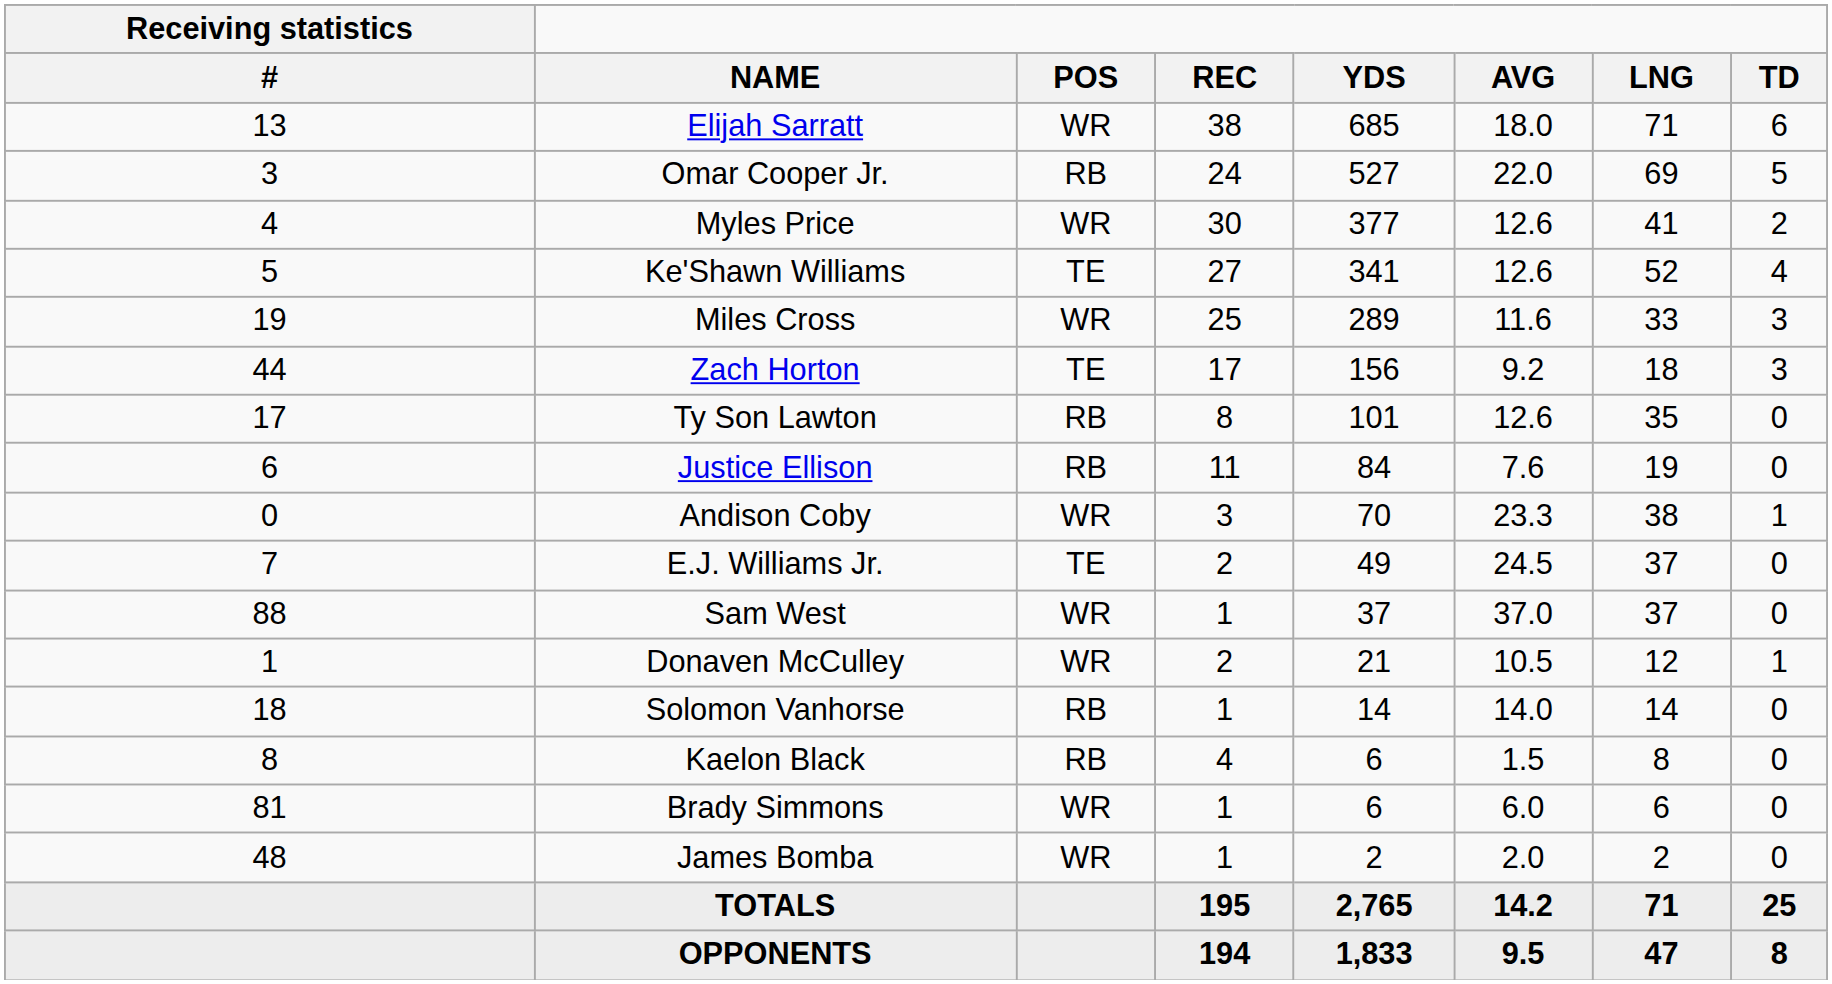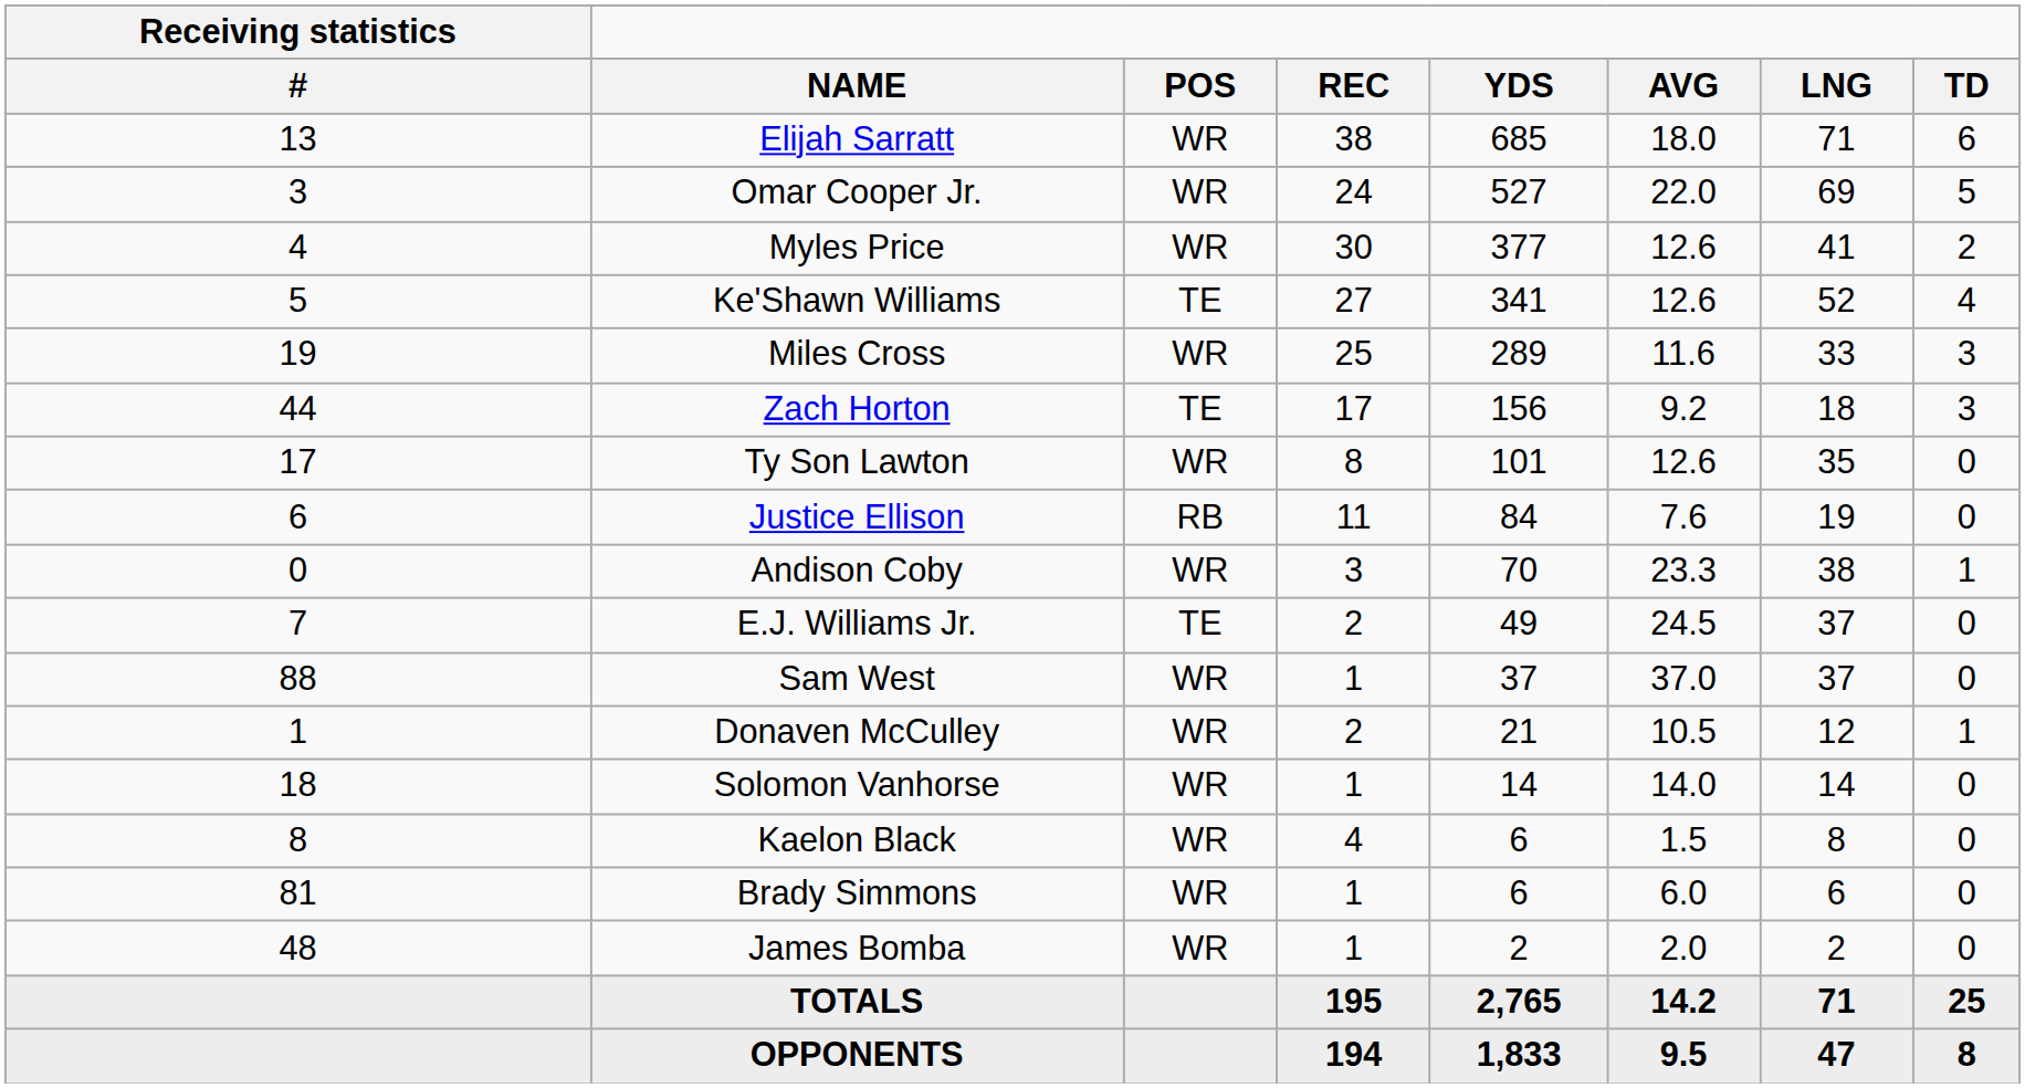 <table style="width:60%; text-align:center;" class="wikitable collapsible collapsed">
 <tr>
 <th style="text-align:center; ">Receiving statistics</th>
 </tr>
 <tr>
 <th>#</th>
 <th>NAME</th>
 <th>POS</th>
 <th>REC</th>
 <th>YDS</th>
 <th>AVG</th>
 <th>LNG</th>
 <th>TD</th>
 </tr>
 <tr>
 <td>13</td>
 <td><a href='#'>Elijah Sarratt</a></td>
 <td>WR</td>
 <td>38</td>
 <td>685</td>
 <td>18.0</td>
 <td>71</td>
 <td>6</td>
 </tr>
 <tr>
 <td>3</td>
 <td>Omar Cooper Jr.</td>
-<td>RB</td>
+<td>WR</td>
 <td>24</td>
 <td>527</td>
 <td>22.0</td>
 <td>69</td>
 <td>5</td>
 </tr>
 <tr>
 <td>4</td>
 <td>Myles Price</td>
 <td>WR</td>
 <td>30</td>
 <td>377</td>
 <td>12.6</td>
 <td>41</td>
 <td>2</td>
 </tr>
 <tr>
 <td>5</td>
 <td>Ke'Shawn Williams</td>
 <td>TE</td>
 <td>27</td>
 <td>341</td>
 <td>12.6</td>
 <td>52</td>
 <td>4</td>
 </tr>
 <tr>
 <td>19</td>
 <td>Miles Cross</td>
 <td>WR</td>
 <td>25</td>
 <td>289</td>
 <td>11.6</td>
 <td>33</td>
 <td>3</td>
 </tr>
 <tr>
 <td>44</td>
 <td><a href='#'>Zach Horton</a></td>
 <td>TE</td>
 <td>17</td>
 <td>156</td>
 <td>9.2</td>
 <td>18</td>
 <td>3</td>
 </tr>
 <tr>
 <td>17</td>
 <td>Ty Son Lawton</td>
-<td>RB</td>
+<td>WR</td>
 <td>8</td>
 <td>101</td>
 <td>12.6</td>
 <td>35</td>
 <td>0</td>
 </tr>
 <tr>
 <td>6</td>
 <td><a href='#'>Justice Ellison</a></td>
 <td>RB</td>
 <td>11</td>
 <td>84</td>
 <td>7.6</td>
 <td>19</td>
 <td>0</td>
 </tr>
 <tr>
 <td>0</td>
 <td>Andison Coby</td>
 <td>WR</td>
 <td>3</td>
 <td>70</td>
 <td>23.3</td>
 <td>38</td>
 <td>1</td>
 </tr>
 <tr>
 <td>7</td>
 <td>E.J. Williams Jr.</td>
 <td>TE</td>
 <td>2</td>
 <td>49</td>
 <td>24.5</td>
 <td>37</td>
 <td>0</td>
 </tr>
 <tr>
 <td>88</td>
 <td>Sam West</td>
 <td>WR</td>
 <td>1</td>
 <td>37</td>
 <td>37.0</td>
 <td>37</td>
 <td>0</td>
 </tr>
 <tr>
 <td>1</td>
 <td>Donaven McCulley</td>
 <td>WR</td>
 <td>2</td>
 <td>21</td>
 <td>10.5</td>
 <td>12</td>
 <td>1</td>
 </tr>
 <tr>
 <td>18</td>
 <td>Solomon Vanhorse</td>
-<td>RB</td>
+<td>WR</td>
 <td>1</td>
 <td>14</td>
 <td>14.0</td>
 <td>14</td>
 <td>0</td>
 </tr>
 <tr>
 <td>8</td>
 <td>Kaelon Black</td>
-<td>RB</td>
+<td>WR</td>
 <td>4</td>
 <td>6</td>
 <td>1.5</td>
 <td>8</td>
 <td>0</td>
 </tr>
 <tr>
 <td>81</td>
 <td>Brady Simmons</td>
 <td>WR</td>
 <td>1</td>
 <td>6</td>
 <td>6.0</td>
 <td>6</td>
 <td>0</td>
 </tr>
 <tr>
 <td>48</td>
 <td>James Bomba</td>
 <td>WR</td>
 <td>1</td>
 <td>2</td>
 <td>2.0</td>
 <td>2</td>
 <td>0</td>
 </tr>
 <tr style="background-color:#ededed;">
 <td></td>
 <td><strong>TOTALS</strong></td>
 <td></td>
 <td><strong>195</strong></td>
 <td><strong>2,765</strong></td>
 <td><strong>14.2</strong></td>
 <td><strong>71</strong></td>
 <td><strong>25</strong></td>
 </tr>
 <tr style="background-color:#ededed;">
 <td></td>
 <td><strong>OPPONENTS</strong></td>
 <td></td>
 <td><strong>194</strong></td>
 <td><strong>1,833</strong></td>
 <td><strong>9.5</strong></td>
 <td><strong>47</strong></td>
 <td><strong>8</strong></td>
 </tr>
 </table>
